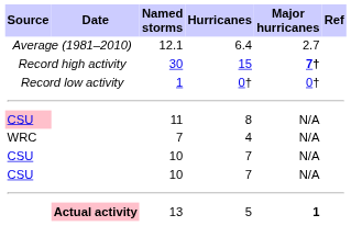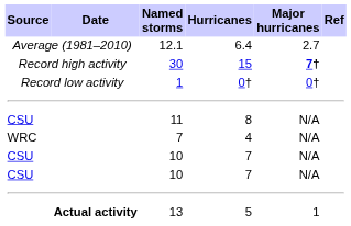 <table class="toccolours" cellspacing=0 cellpadding=3 style="float:right; margin-left:1em; text-align:right; clear: right;">
 <tr style="background:#ccccff">
 <td align="center"><strong>Source</strong></td>
 <td align="center"><strong>Date</strong></td>
 <td align="center"><strong><span>Named<br>storms</span></strong></td>
 <td align="center"><strong><span>Hurricanes</span></strong></td>
 <td align="center"><strong><span>Major<br>hurricanes</span></strong></td>
 <td align="center"><strong><span>Ref</span></strong></td>
 </tr>
 <tr>
 <td align="center" colspan="2"><em>Average <span>(1981–2010)</span></em></td>
 <td>12.1</td>
 <td>6.4</td>
 <td>2.7</td>
 <td></td>
 </tr>
 <tr>
 <td align="center" colspan="2"><em>Record high activity</em></td>
 <td><a href='#'>30</a></td>
 <td><a href='#'>15</a></td>
 <td><strong><a href='#'>7</a>†</strong></td>
 <td></td>
 </tr>
 <tr>
 <td align="center" colspan="2"><em>Record low activity</em></td>
 <td><a href='#'>1</a></td>
 <td><a href='#'>0</a>†</td>
 <td><a href='#'>0</a>†</td>
 <td></td>
 </tr>
 <tr>
 <td colspan="6" style="text-align:center;"><hr></td>
 </tr>
 <tr>
-<td align="left" style="background: pink;"><a href='#'>CSU</a></td>
+<td align="left"><a href='#'>CSU</a></td>
 <td></td>
 <td>11</td>
 <td>8</td>
 <td>N/A</td>
 <td></td>
 </tr>
 <tr>
 <td align="left">WRC</td>
 <td></td>
 <td>7</td>
 <td>4</td>
 <td>N/A</td>
 <td></td>
 </tr>
 <tr>
 <td align="left"><a href='#'>CSU</a></td>
 <td></td>
 <td>10</td>
 <td>7</td>
 <td>N/A</td>
 <td></td>
 </tr>
 <tr>
 <td align="left"><a href='#'>CSU</a></td>
 <td></td>
 <td>10</td>
 <td>7</td>
 <td>N/A</td>
 <td></td>
 </tr>
 <tr>
 <td colspan="6" style="text-align:center;"><hr></td>
 </tr>
 <tr>
 <td align="left"></td>
-<td align="left" style="background: pink;"><strong>Actual activity</strong><br></td>
+<td align="left"><strong>Actual activity</strong><br></td>
 <td>13</td>
 <td>5</td>
-<td><strong>1</strong></td>
+<td>1</td>
 </tr>
 <tr>
 <td align="left" colspan="5"></td>
 </tr>
 </table>
